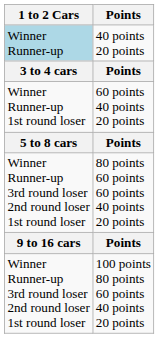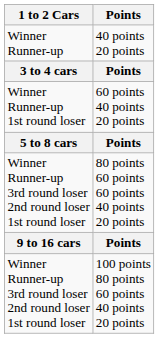 <table class="wikitable">
 <tr>
 <th><strong>1 to 2 Cars</strong></th>
 <th>Points</th>
 </tr>
 <tr>
-<td style="background: lightblue;">Winner<br>Runner-up</td>
+<td>Winner<br>Runner-up</td>
 <td>40 points<br>20 points</td>
 </tr>
 <tr>
 <th><strong>3 to 4 cars</strong></th>
 <th>Points</th>
 </tr>
 <tr>
 <td>Winner<br>Runner-up<br>1st round loser</td>
 <td>60 points<br>40 points<br>20 points</td>
 </tr>
 <tr>
 <th><strong>5 to 8 cars</strong></th>
 <th>Points</th>
 </tr>
 <tr>
 <td>Winner<br>Runner-up<br>3rd round loser<br>2nd round loser<br>1st round loser</td>
 <td>80 points<br>60 points<br>60 points<br>40 points<br>20 points</td>
 </tr>
 <tr>
 <th><strong>9 to 16 cars</strong></th>
 <th>Points</th>
 </tr>
 <tr>
 <td>Winner<br>Runner-up<br>3rd round loser<br>2nd round loser<br>1st round loser</td>
 <td>100 points<br>80 points<br>60 points<br>40 points<br>20 points</td>
 </tr>
 </table>
